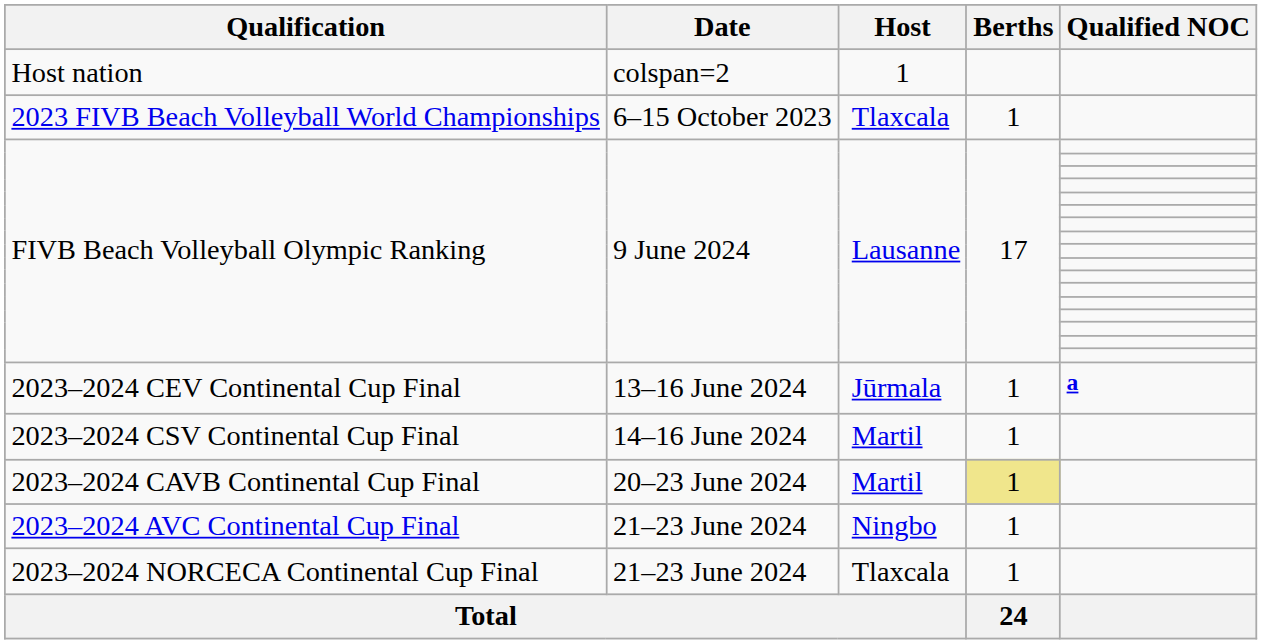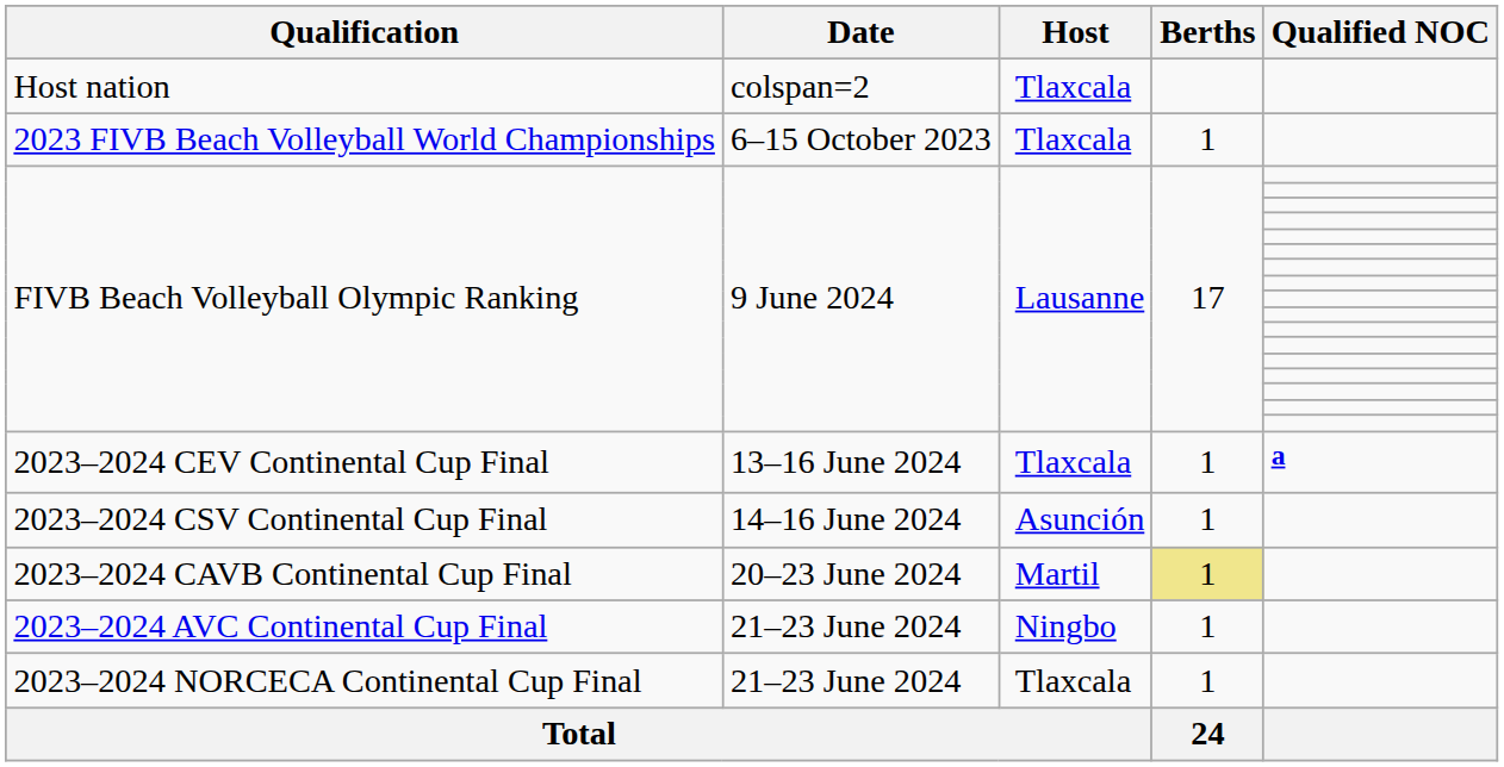 <table class="wikitable">
 <tr>
 <th>Qualification</th>
 <th>Date</th>
 <th>Host</th>
 <th>Berths</th>
 <th>Qualified NOC</th>
 </tr>
 <tr>
 <td>Host nation</td>
 <td>colspan=2 </td>
-<td style="text-align:center">1</td>
+<td> <a href='#'>Tlaxcala</a></td>
 <td></td>
 </tr>
 <tr>
 <td><a href='#'>2023 FIVB Beach Volleyball World Championships</a></td>
 <td>6–15 October 2023</td>
 <td> <a href='#'>Tlaxcala</a></td>
 <td align=center>1</td>
 <td></td>
 </tr>
 <tr>
 <td rowspan=17>FIVB Beach Volleyball Olympic Ranking</td>
 <td rowspan=17>9 June 2024</td>
 <td rowspan=17> <a href='#'>Lausanne</a></td>
 <td rowspan=17 align=center>17</td>
 <td></td>
 </tr>
 <tr>
 <td></td>
 </tr>
 <tr>
 <td></td>
 </tr>
 <tr>
 <td></td>
 </tr>
 <tr>
 <td></td>
 </tr>
 <tr>
 <td></td>
 </tr>
 <tr>
 <td></td>
 </tr>
 <tr>
 <td></td>
 </tr>
 <tr>
 <td></td>
 </tr>
 <tr>
 <td></td>
 </tr>
 <tr>
 <td></td>
 </tr>
 <tr>
 <td></td>
 </tr>
 <tr>
 <td></td>
 </tr>
 <tr>
 <td></td>
 </tr>
 <tr>
 <td></td>
 </tr>
 <tr>
 <td></td>
 </tr>
 <tr>
 <td></td>
 </tr>
 <tr>
 <td>2023–2024 CEV Continental Cup Final</td>
 <td>13–16 June 2024</td>
-<td> <a href='#'>Jūrmala</a></td>
+<td> <a href='#'>Tlaxcala</a></td>
 <td style="text-align:center;">1</td>
 <td><sup><strong><a href='#'>a</a></strong></sup></td>
 </tr>
 <tr>
 <td>2023–2024 CSV Continental Cup Final</td>
 <td>14–16 June 2024</td>
-<td> <a href='#'>Martil</a></td>
+<td> <a href='#'>Asunción</a></td>
 <td style="text-align:center;">1</td>
 <td></td>
 </tr>
 <tr>
 <td>2023–2024 CAVB Continental Cup Final</td>
 <td>20–23 June 2024</td>
 <td> <a href='#'>Martil</a></td>
 <td style="background: khaki; text-align:center;">1</td>
 <td></td>
 </tr>
 <tr>
 <td><a href='#'>2023–2024 AVC Continental Cup Final</a></td>
 <td>21–23 June 2024</td>
 <td> <a href='#'>Ningbo</a></td>
 <td style="text-align:center;">1</td>
 <td></td>
 </tr>
 <tr>
 <td>2023–2024 NORCECA Continental Cup Final</td>
 <td>21–23 June 2024</td>
 <td> Tlaxcala</td>
 <td style="text-align:center;">1</td>
 <td></td>
 </tr>
 <tr>
 <th colspan="3">Total</th>
 <th>24</th>
 <th></th>
 </tr>
 </table>
